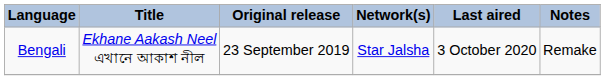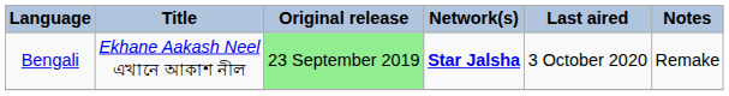 <table class="wikitable" style="text-align:center;">
 <tr>
 <th style="background:LightSteelBlue;">Language</th>
 <th style="background:LightSteelBlue;">Title</th>
 <th style="background:LightSteelBlue;">Original release</th>
 <th style="background:LightSteelBlue;">Network(s)</th>
 <th style="background:LightSteelBlue;">Last aired</th>
 <th style="background:LightSteelBlue;">Notes</th>
 </tr>
 <tr>
 <td><a href='#'>Bengali</a></td>
 <td><em><a href='#'>Ekhane Aakash Neel</a></em> <br> এখানে আকাশ নীল</td>
-<td>23 September 2019</td>
-<td><a href='#'>Star Jalsha</a></td>
+<td style="background: lightgreen;">23 September 2019</td>
+<td><strong><a href='#'>Star Jalsha</a></strong></td>
 <td>3 October 2020</td>
 <td>Remake</td>
 </tr>
 <tr>
 </tr>
 </table>
